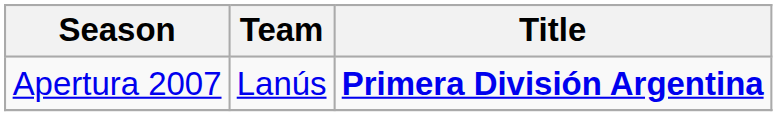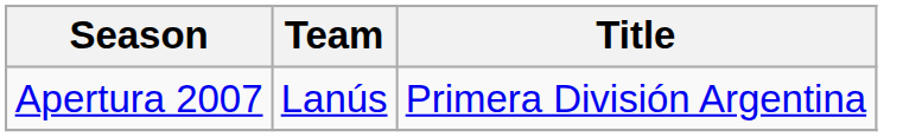 <table class="wikitable">
 <tr>
 <th>Season</th>
 <th>Team</th>
 <th>Title</th>
 </tr>
 <tr>
 <td><a href='#'>Apertura 2007</a></td>
 <td><a href='#'>Lanús</a></td>
-<td><strong><a href='#'>Primera División Argentina</a></strong></td>
+<td><a href='#'>Primera División Argentina</a></td>
 </tr>
 <tr>
 </tr>
 </table>
